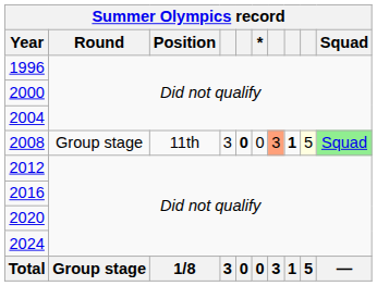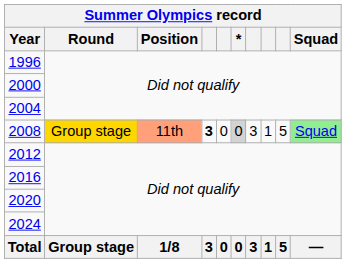 <table class="wikitable" style="text-align: center;">
 <tr>
 <th colspan="10"><a href='#'>Summer Olympics</a> record</th>
 </tr>
 <tr>
 <th>Year</th>
 <th>Round</th>
 <th>Position</th>
 <th></th>
 <th></th>
 <th>*</th>
 <th></th>
 <th></th>
 <th></th>
 <th>Squad</th>
 </tr>
 <tr>
 <td> <a href='#'>1996</a></td>
 <td rowspan=3 colspan=9><em>Did not qualify</em></td>
 </tr>
 <tr>
 <td> <a href='#'>2000</a></td>
 </tr>
 <tr>
 <td> <a href='#'>2004</a></td>
 </tr>
 <tr>
 <td> <a href='#'>2008</a></td>
-<td>Group stage</td>
-<td>11th</td>
+<td style="background: gold;">Group stage</td>
+<td style="background: lightsalmon;">11th</td>
+<td><strong>3</strong></td>
+<td>0</td>
+<td style="background: lightgrey;">0</td>
 <td>3</td>
-<td><strong>0</strong></td>
-<td>0</td>
-<td style="background: lightsalmon;">3</td>
-<td><strong>1</strong></td>
-<td style="background: lightyellow;">5</td>
+<td>1</td>
+<td>5</td>
 <td style="background: lightgreen;"><a href='#'>Squad</a></td>
 </tr>
 <tr>
 <td> <a href='#'>2012</a></td>
 <td rowspan=4 colspan=9><em>Did not qualify</em></td>
 </tr>
 <tr>
 <td> <a href='#'>2016</a></td>
 </tr>
 <tr>
 <td> <a href='#'>2020</a></td>
 </tr>
 <tr>
 <td> <a href='#'>2024</a></td>
 </tr>
 <tr>
 <th><strong>Total</strong></th>
 <th><strong>Group stage</strong></th>
 <th><strong>1/8</strong></th>
 <th><strong>3</strong></th>
 <th><strong>0</strong></th>
 <th><strong>0</strong></th>
 <th><strong>3</strong></th>
 <th><strong>1</strong></th>
 <th><strong>5</strong></th>
 <th><strong>—</strong></th>
 </tr>
 </table>
